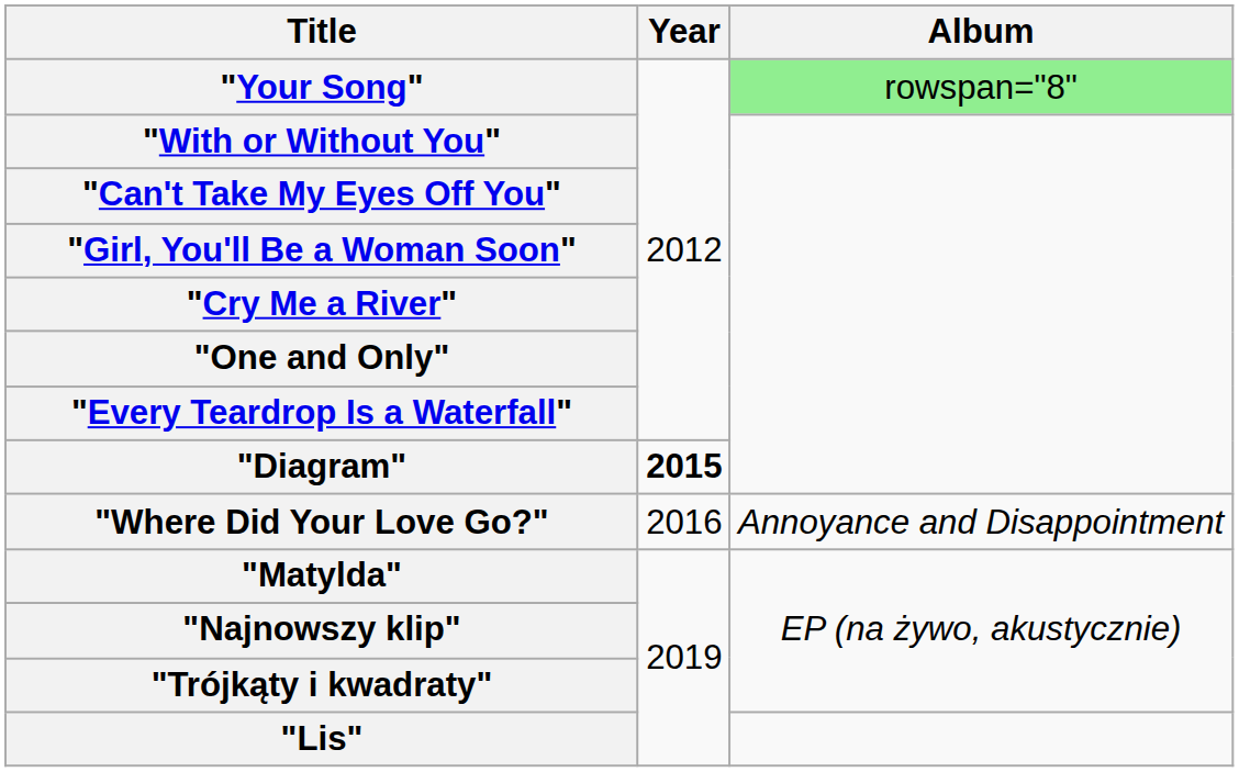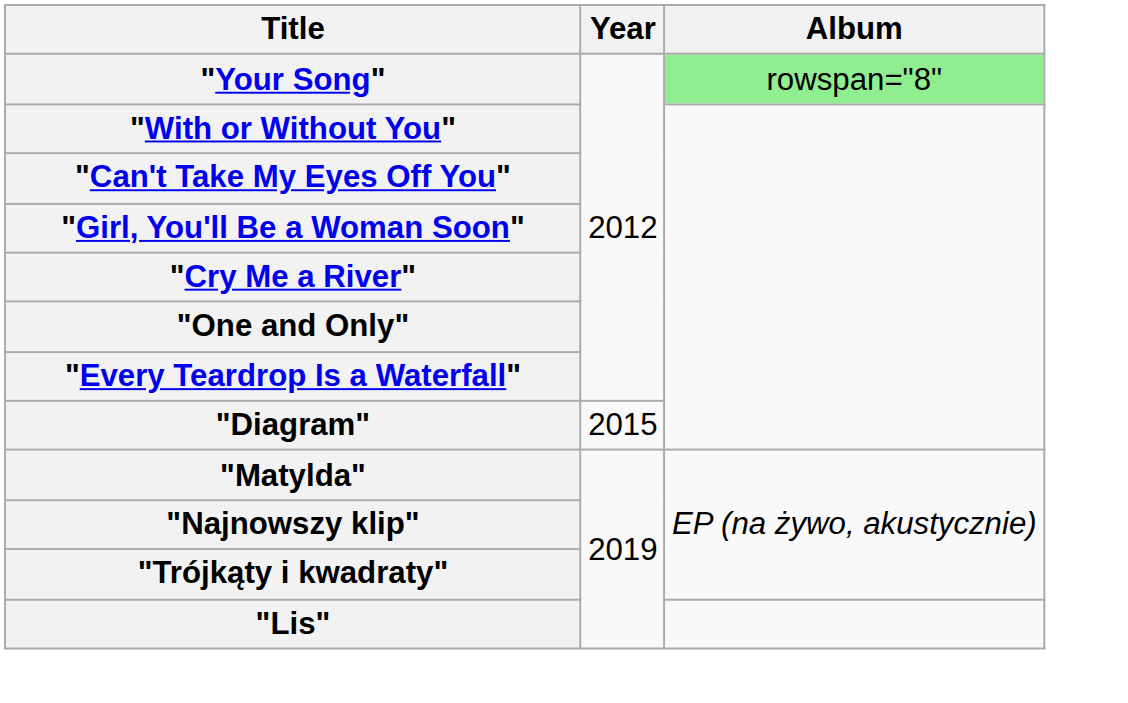 <table class="wikitable plainrowheaders" style="text-align:center;">
 <tr>
 <th scope="col" style="width:18em;">Title</th>
 <th scope="col">Year</th>
 <th scope="col">Album</th>
 </tr>
 <tr>
 <th scope="row">"<a href='#'>Your Song</a>"</th>
 <td rowspan="7">2012</td>
 <td style="background: lightgreen;">rowspan="8" </td>
 </tr>
 <tr>
 <th scope="row">"<a href='#'>With or Without You</a>"</th>
 </tr>
 <tr>
 <th scope="row">"<a href='#'>Can't Take My Eyes Off You</a>"</th>
 </tr>
 <tr>
 <th scope="row">"<a href='#'>Girl, You'll Be a Woman Soon</a>"</th>
 </tr>
 <tr>
 <th scope="row">"<a href='#'>Cry Me a River</a>"</th>
 </tr>
 <tr>
 <th scope="row">"One and Only"</th>
 </tr>
 <tr>
 <th scope="row">"<a href='#'>Every Teardrop Is a Waterfall</a>"</th>
 </tr>
 <tr>
 <th scope="row">"Diagram"<br></th>
-<td><strong>2015</strong></td>
-</tr>
-<tr>
-<th scope="row">"Where Did Your Love Go?"</th>
-<td>2016</td>
-<td><em>Annoyance and Disappointment</em></td>
+<td>2015</td>
 </tr>
 <tr>
 <th scope="row">"Matylda"<br></th>
 <td rowspan="4">2019</td>
 <td rowspan="3"><em>EP (na żywo, akustycznie)</em></td>
 </tr>
 <tr>
 <th scope="row">"Najnowszy klip"<br></th>
 </tr>
 <tr>
 <th scope="row">"Trójkąty i kwadraty"<br></th>
 </tr>
 <tr>
 <th scope="row">"Lis"<br></th>
 <td></td>
 </tr>
 </table>
